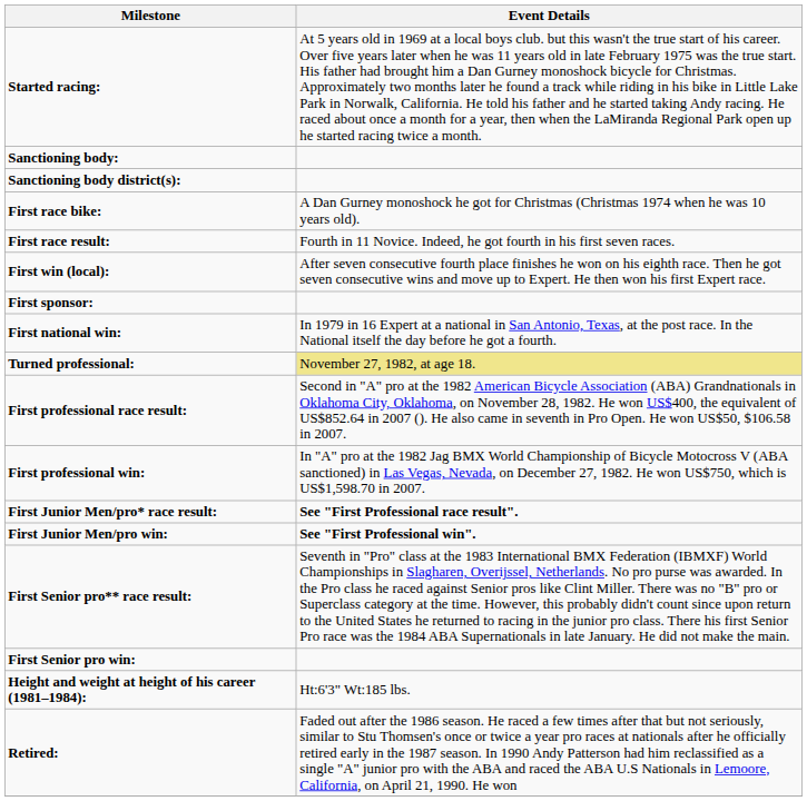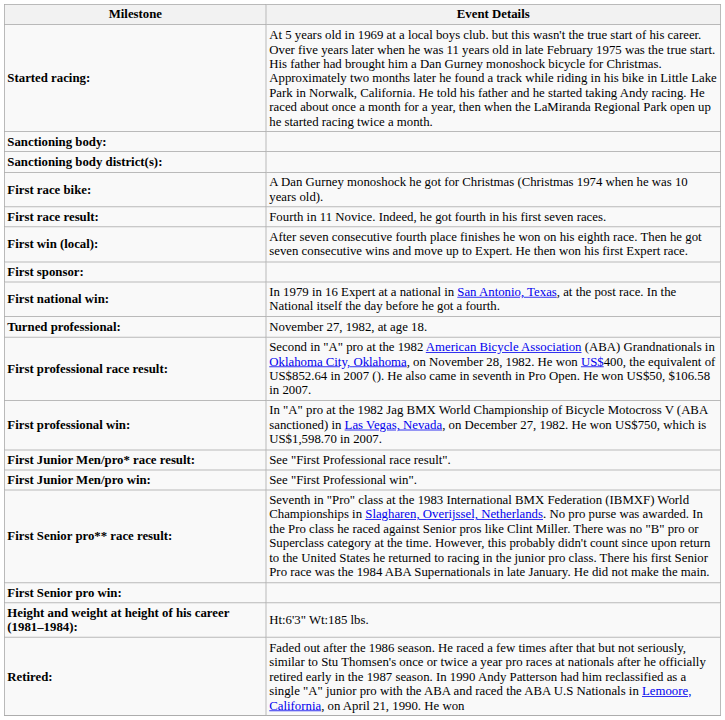 <table class="sortable wikitable" style="text-align:Left;">
 <tr>
 <th style="width:20em">Milestone</th>
 <th style="width:35em">Event Details</th>
 </tr>
 <tr>
 <td><strong>Started racing:</strong></td>
 <td>At 5 years old in 1969 at a local boys club. but this wasn't the true start of his career. Over five years later when he was 11 years old in late February 1975 was the true start. His father had brought him a Dan Gurney monoshock bicycle for Christmas. Approximately two months later he found a track while riding in his bike in Little Lake Park in Norwalk, California. He told his father and he started taking Andy racing. He raced about once a month for a year, then when the LaMiranda Regional Park open up he started racing twice a month.</td>
 </tr>
 <tr>
 <td><strong>Sanctioning body:</strong></td>
 <td></td>
 </tr>
 <tr>
 <td><strong>Sanctioning body district(s):</strong></td>
 <td></td>
 </tr>
 <tr>
 <td><strong>First race bike:</strong></td>
 <td>A Dan Gurney monoshock he got for Christmas (Christmas 1974 when he was 10 years old).</td>
 </tr>
 <tr>
 <td><strong>First race result:</strong></td>
 <td>Fourth in 11 Novice. Indeed, he got fourth in his first seven races.</td>
 </tr>
 <tr>
 <td><strong>First win (local):</strong></td>
 <td>After seven consecutive fourth place finishes he won on his eighth race. Then he got seven consecutive wins and move up to Expert. He then won his first Expert race.</td>
 </tr>
 <tr>
 <td><strong>First sponsor:</strong></td>
 <td></td>
 </tr>
 <tr>
 <td><strong>First national win:</strong></td>
 <td>In 1979 in 16 Expert at a national in <a href='#'>San Antonio, Texas</a>, at the post race. In the National itself the day before he got a fourth.</td>
 </tr>
 <tr>
 <td><strong>Turned professional:</strong></td>
-<td style="background: khaki;">November 27, 1982, at age 18.</td>
+<td>November 27, 1982, at age 18.</td>
 </tr>
 <tr>
 <td><strong>First professional race result:</strong></td>
 <td>Second in "A" pro at the 1982 <a href='#'>American Bicycle Association</a> (ABA) Grandnationals in <a href='#'>Oklahoma City, Oklahoma</a>, on November 28, 1982. He won <a href='#'>US$</a>400, the equivalent of US$852.64 in 2007 (). He also came in seventh in Pro Open. He won US$50, $106.58 in 2007.</td>
 </tr>
 <tr>
 <td><strong>First professional win:</strong></td>
 <td>In "A" pro at the 1982 Jag BMX World Championship of Bicycle Motocross V (ABA sanctioned) in <a href='#'>Las Vegas, Nevada</a>, on December 27, 1982. He won US$750, which is US$1,598.70 in 2007.</td>
 </tr>
 <tr>
 <td><strong>First Junior Men/pro* race result:</strong></td>
-<td><strong>See "First Professional race result".</strong></td>
+<td>See "First Professional race result".</td>
 </tr>
 <tr>
 <td><strong>First Junior Men/pro win:</strong></td>
-<td><strong>See "First Professional win".</strong></td>
+<td>See "First Professional win".</td>
 </tr>
 <tr>
 <td><strong>First Senior pro** race result:</strong></td>
 <td>Seventh in "Pro" class at the 1983 International BMX Federation (IBMXF) World Championships in <a href='#'>Slagharen, Overijssel, Netherlands</a>. No pro purse was awarded. In the Pro class he raced against Senior pros like Clint Miller. There was no "B" pro or Superclass category at the time. However, this probably didn't count since upon return to the United States he returned to racing in the junior pro class. There his first Senior Pro race was the 1984 ABA Supernationals in late January. He did not make the main.</td>
 </tr>
 <tr>
 <td><strong>First Senior pro win:</strong></td>
 <td></td>
 </tr>
 <tr>
 <td><strong>Height and weight at height of his career (1981–1984):</strong></td>
 <td>Ht:6'3" Wt:185 lbs.</td>
 </tr>
 <tr>
 <td><strong>Retired:</strong></td>
 <td>Faded out after the 1986 season. He raced a few times after that but not seriously, similar to Stu Thomsen's once or twice a year pro races at nationals after he officially retired early in the 1987 season. In 1990 Andy Patterson had him reclassified as a single "A" junior pro with the ABA and raced the ABA U.S Nationals in <a href='#'>Lemoore, California</a>, on April 21, 1990. He won</td>
 </tr>
 <tr>
 </tr>
 </table>
